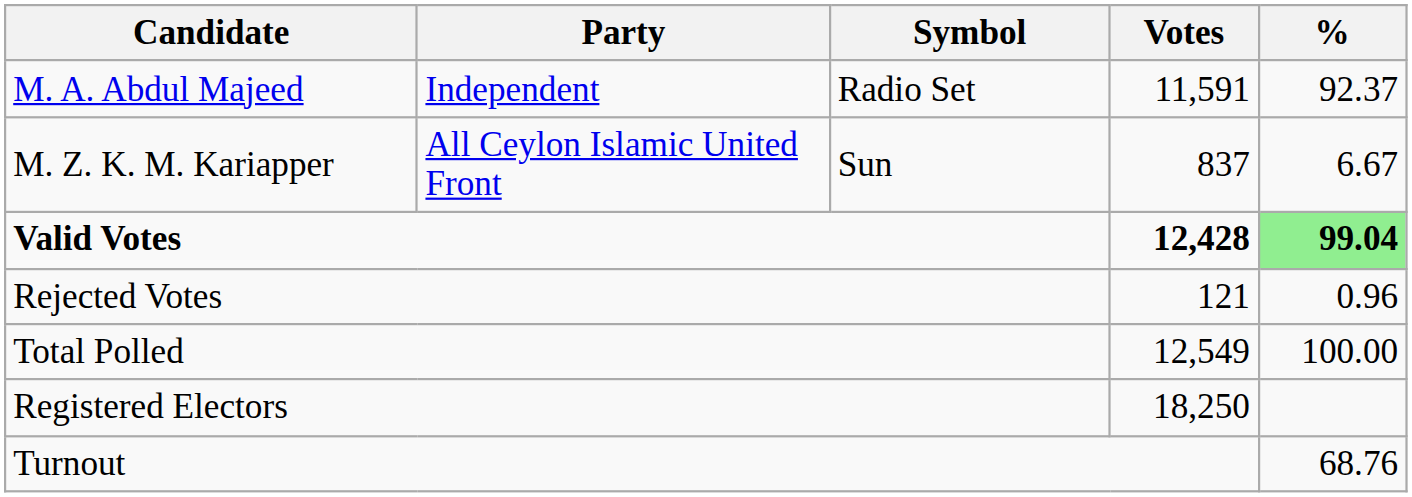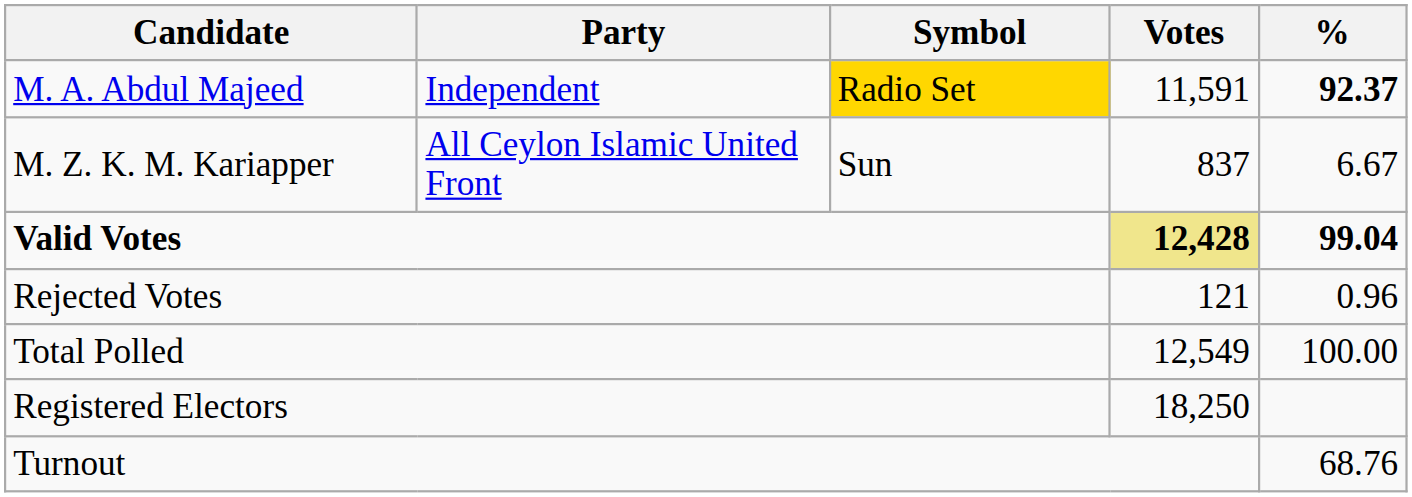 <table class="wikitable" border="1" style="text-align:right;">
 <tr>
 <th align=left width="180">Candidate</th>
 <th align=left width="180">Party</th>
 <th align=left width="120">Symbol</th>
 <th align=left width="60">Votes</th>
 <th align=left width="60">%</th>
 </tr>
 <tr>
 <td align=left><a href='#'>M. A. Abdul Majeed</a></td>
 <td align=left><a href='#'>Independent</a></td>
-<td align=left>Radio Set</td>
+<td align=left style="background: gold;">Radio Set</td>
 <td>11,591</td>
-<td>92.37</td>
+<td><strong>92.37</strong></td>
 </tr>
 <tr>
 <td align=left>M. Z. K. M. Kariapper</td>
 <td align=left><a href='#'>All Ceylon Islamic United Front</a></td>
 <td align=left>Sun</td>
 <td>837</td>
 <td>6.67</td>
 </tr>
 <tr>
 <td align=left colspan=3><strong>Valid Votes</strong></td>
-<td><strong>12,428</strong></td>
-<td style="background: lightgreen;"><strong>99.04</strong></td>
+<td style="background: khaki;"><strong>12,428</strong></td>
+<td><strong>99.04</strong></td>
 </tr>
 <tr>
 <td align=left colspan=3>Rejected Votes</td>
 <td>121</td>
 <td>0.96</td>
 </tr>
 <tr>
 <td align=left colspan=3>Total Polled</td>
 <td>12,549</td>
 <td>100.00</td>
 </tr>
 <tr>
 <td align=left colspan=3>Registered Electors</td>
 <td>18,250</td>
 <td></td>
 </tr>
 <tr>
 <td align=left colspan=4>Turnout</td>
 <td>68.76</td>
 </tr>
 </table>
